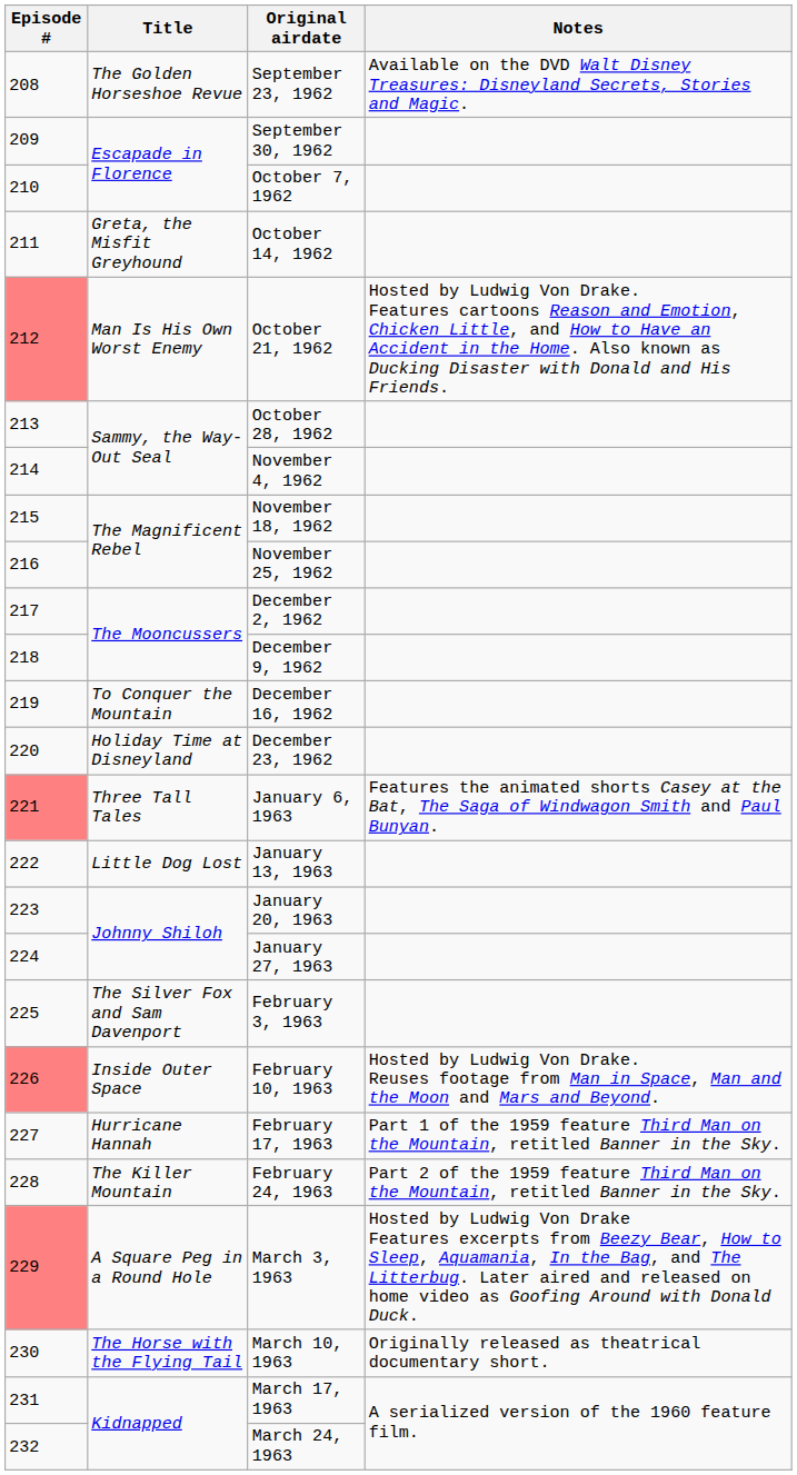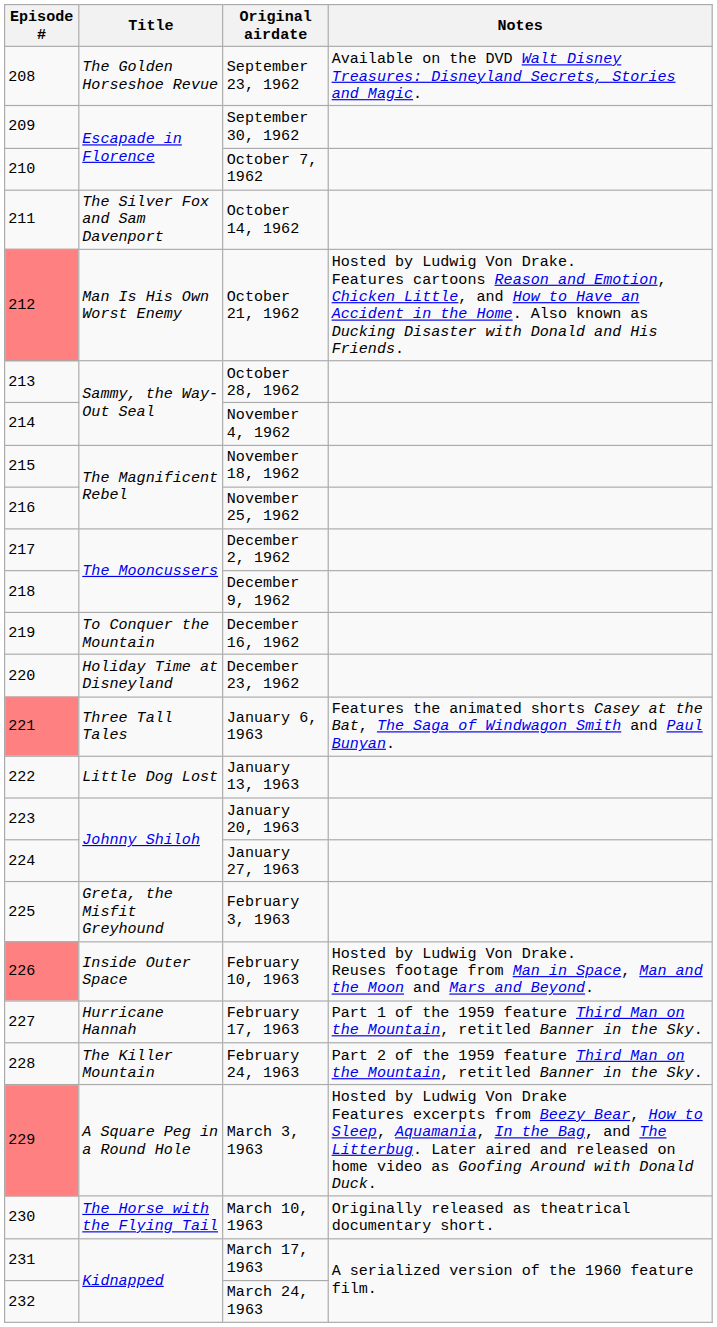 <table class="wikitable wikiepisodetable sortable">
 <tr>
 <th>Episode #</th>
 <th>Title</th>
 <th>Original airdate</th>
 <th>Notes</th>
 </tr>
 <tr>
 <td>208</td>
 <td><em>The Golden Horseshoe Revue</em></td>
 <td>September 23, 1962</td>
 <td>Available on the DVD <em><a href='#'>Walt Disney Treasures: Disneyland Secrets, Stories and Magic</a></em>.</td>
 </tr>
 <tr>
 <td>209</td>
 <td rowspan="2"><em><a href='#'>Escapade in Florence</a></em></td>
 <td>September 30, 1962</td>
 <td></td>
 </tr>
 <tr>
 <td>210</td>
 <td>October 7, 1962</td>
 <td></td>
 </tr>
 <tr>
 <td>211</td>
-<td><em>Greta, the Misfit Greyhound</em></td>
+<td><em>The Silver Fox and Sam Davenport</em></td>
 <td>October 14, 1962</td>
 <td></td>
 </tr>
 <tr>
 <td style="background:#ff8080;">212</td>
 <td><em>Man Is His Own Worst Enemy</em></td>
 <td>October 21, 1962</td>
 <td>Hosted by Ludwig Von Drake.<br>Features cartoons <em><a href='#'>Reason and Emotion</a></em>, <em><a href='#'>Chicken Little</a></em>, and <em><a href='#'>How to Have an Accident in the Home</a></em>. Also known as <em>Ducking Disaster with Donald and His Friends</em>.</td>
 </tr>
 <tr>
 <td>213</td>
 <td rowspan="2"><em>Sammy, the Way-Out Seal</em></td>
 <td>October 28, 1962</td>
 <td></td>
 </tr>
 <tr>
 <td>214</td>
 <td>November 4, 1962</td>
 <td></td>
 </tr>
 <tr>
 <td>215</td>
 <td rowspan="2"><em>The Magnificent Rebel</em></td>
 <td>November 18, 1962</td>
 <td></td>
 </tr>
 <tr>
 <td>216</td>
 <td>November 25, 1962</td>
 <td></td>
 </tr>
 <tr>
 <td>217</td>
 <td rowspan="2"><em><a href='#'>The Mooncussers</a></em></td>
 <td>December 2, 1962</td>
 <td></td>
 </tr>
 <tr>
 <td>218</td>
 <td>December 9, 1962</td>
 <td></td>
 </tr>
 <tr>
 <td>219</td>
 <td><em>To Conquer the Mountain</em></td>
 <td>December 16, 1962</td>
 <td></td>
 </tr>
 <tr>
 <td>220</td>
 <td><em>Holiday Time at Disneyland</em></td>
 <td>December 23, 1962</td>
 <td></td>
 </tr>
 <tr>
 <td style="background:#ff8080;">221</td>
 <td><em>Three Tall Tales</em></td>
 <td>January 6, 1963</td>
 <td>Features the animated shorts <em>Casey at the Bat</em>, <em><a href='#'>The Saga of Windwagon Smith</a></em> and <em><a href='#'>Paul Bunyan</a></em>.</td>
 </tr>
 <tr>
 <td>222</td>
 <td><em>Little Dog Lost</em></td>
 <td>January 13, 1963</td>
 <td></td>
 </tr>
 <tr>
 <td>223</td>
 <td rowspan="2"><em><a href='#'>Johnny Shiloh</a></em></td>
 <td>January 20, 1963</td>
 <td></td>
 </tr>
 <tr>
 <td>224</td>
 <td>January 27, 1963</td>
 <td></td>
 </tr>
 <tr>
 <td>225</td>
-<td><em>The Silver Fox and Sam Davenport</em></td>
+<td><em>Greta, the Misfit Greyhound</em></td>
 <td>February 3, 1963</td>
 <td></td>
 </tr>
 <tr>
 <td style="background:#ff8080;">226</td>
 <td><em>Inside Outer Space</em></td>
 <td>February 10, 1963</td>
 <td>Hosted by Ludwig Von Drake.<br>Reuses footage from <em><a href='#'>Man in Space</a></em>, <em><a href='#'>Man and the Moon</a></em> and <em><a href='#'>Mars and Beyond</a></em>.</td>
 </tr>
 <tr>
 <td>227</td>
 <td><em>Hurricane Hannah</em></td>
 <td>February 17, 1963</td>
 <td>Part 1 of the 1959 feature <em><a href='#'>Third Man on the Mountain</a></em>, retitled <em>Banner in the Sky</em>.</td>
 </tr>
 <tr>
 <td>228</td>
 <td><em>The Killer Mountain</em></td>
 <td>February 24, 1963</td>
 <td>Part 2 of the 1959 feature <em><a href='#'>Third Man on the Mountain</a></em>, retitled <em>Banner in the Sky</em>.</td>
 </tr>
 <tr>
 <td style="background:#ff8080;">229</td>
 <td><em>A Square Peg in a Round Hole</em></td>
 <td>March 3, 1963</td>
 <td>Hosted by Ludwig Von Drake<br>Features excerpts from <em><a href='#'>Beezy Bear</a></em>, <em><a href='#'>How to Sleep</a></em>, <em><a href='#'>Aquamania</a></em>, <em><a href='#'>In the Bag</a></em>, and <em><a href='#'>The Litterbug</a></em>. Later aired and released on home video as <em>Goofing Around with Donald Duck</em>.</td>
 </tr>
 <tr>
 <td>230</td>
 <td><em><a href='#'>The Horse with the Flying Tail</a></em></td>
 <td>March 10, 1963</td>
 <td>Originally released as theatrical documentary short.</td>
 </tr>
 <tr>
 <td>231</td>
 <td rowspan="2"><em><a href='#'>Kidnapped</a></em></td>
 <td>March 17, 1963</td>
 <td rowspan="2">A serialized version of the 1960 feature film.</td>
 </tr>
 <tr>
 <td>232</td>
 <td>March 24, 1963</td>
 </tr>
 </table>
